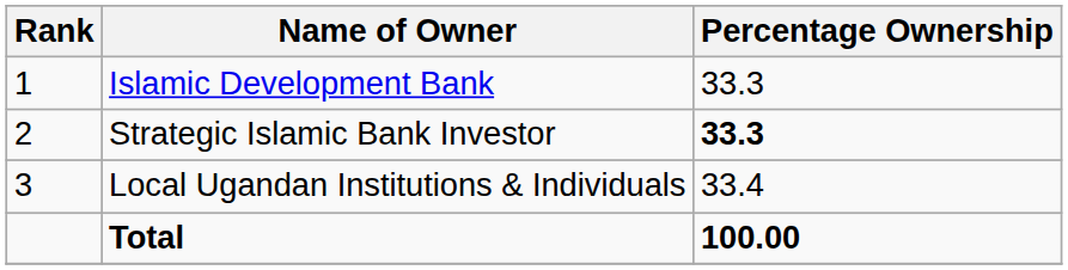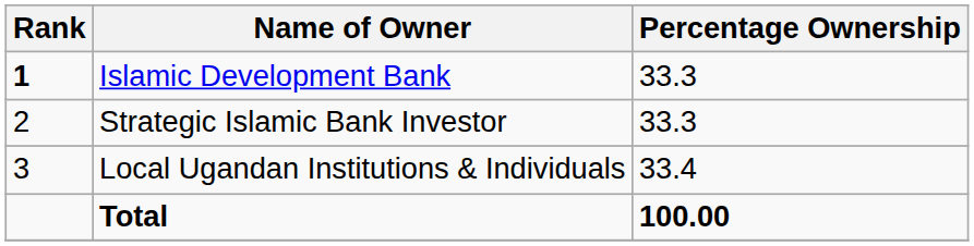 <table class="wikitable sortable" style="margin: 0.5em auto">
 <tr>
 <th>Rank</th>
 <th>Name of Owner</th>
 <th>Percentage Ownership</th>
 </tr>
 <tr>
-<td>1</td>
+<td><strong>1</strong></td>
 <td><a href='#'>Islamic Development Bank</a></td>
 <td>33.3</td>
 </tr>
 <tr>
 <td>2</td>
 <td>Strategic Islamic Bank Investor</td>
-<td><strong>33.3</strong></td>
+<td>33.3</td>
 </tr>
 <tr>
 <td>3</td>
 <td>Local Ugandan Institutions & Individuals</td>
 <td>33.4</td>
 </tr>
 <tr>
 <td></td>
 <td><strong>Total</strong></td>
 <td><strong>100.00</strong></td>
 </tr>
 <tr>
 </tr>
 </table>
